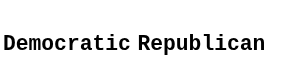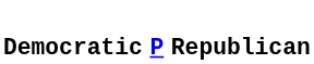 <table style="text-align:center">
 <tr style="color:white">
 <td style="background:"><strong>57</strong></td>
+<td style="background:"><strong>1</strong></td>
 <td style="background:"><strong>38</strong></td>
 </tr>
 <tr>
 <td><span><strong>Democratic</strong></span></td>
+<td><strong><a href='#'>P</a></strong></td>
 <td><span><strong>Republican</strong></span></td>
 </tr>
 </table>
